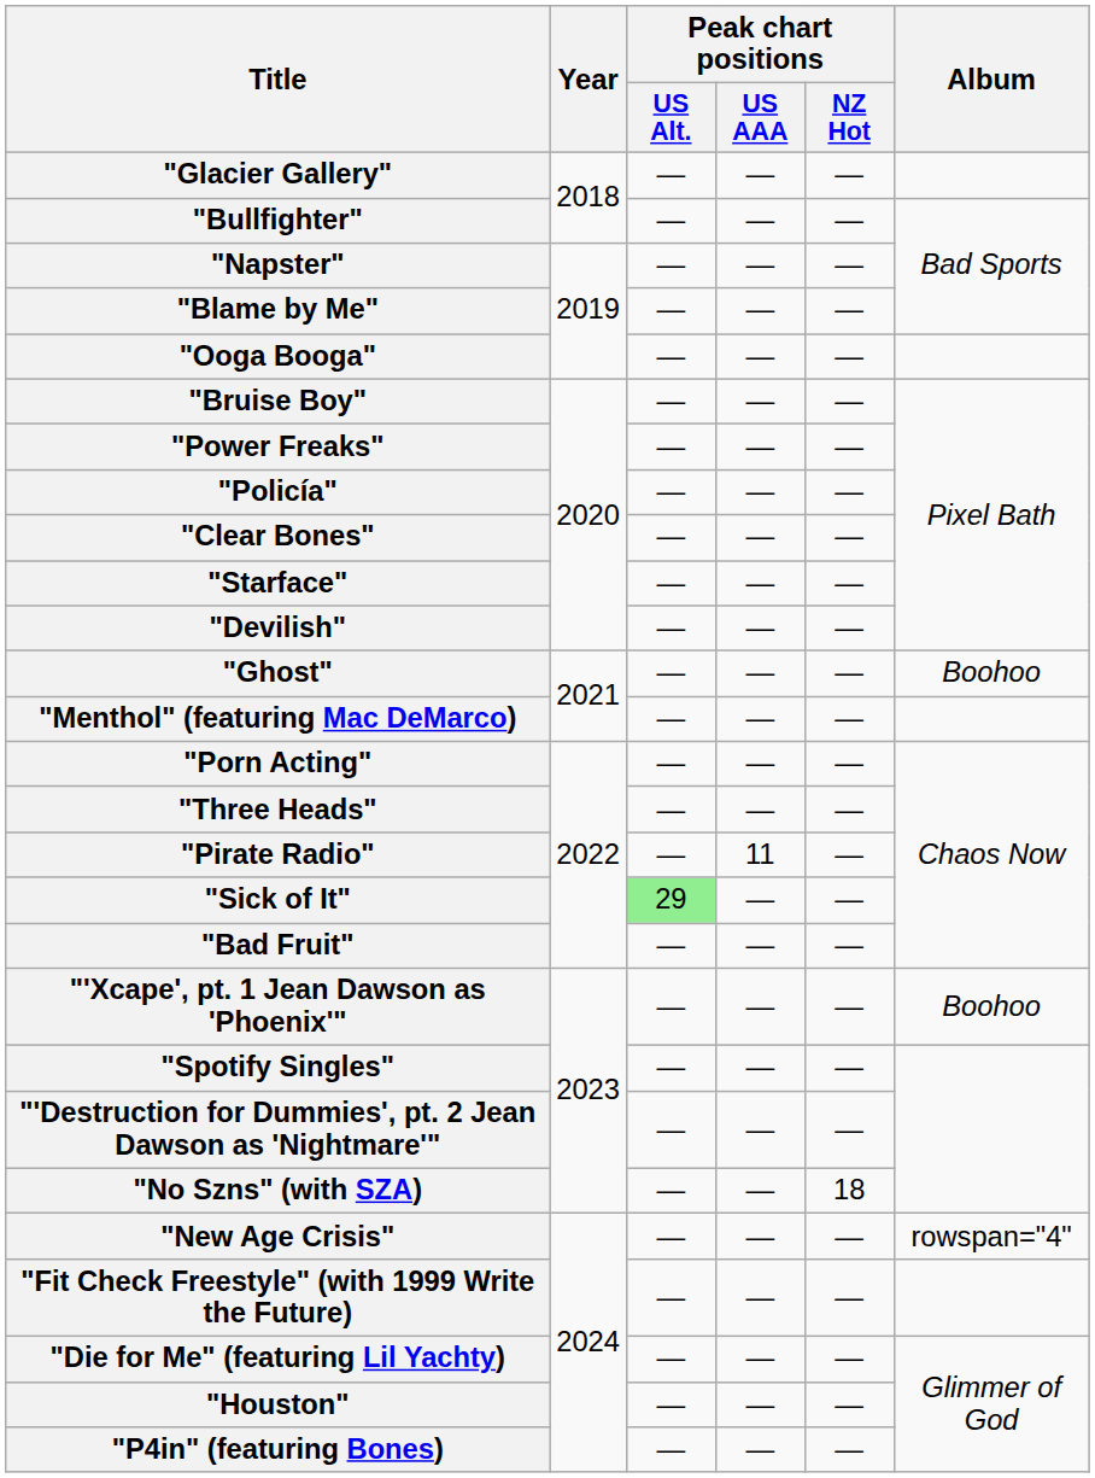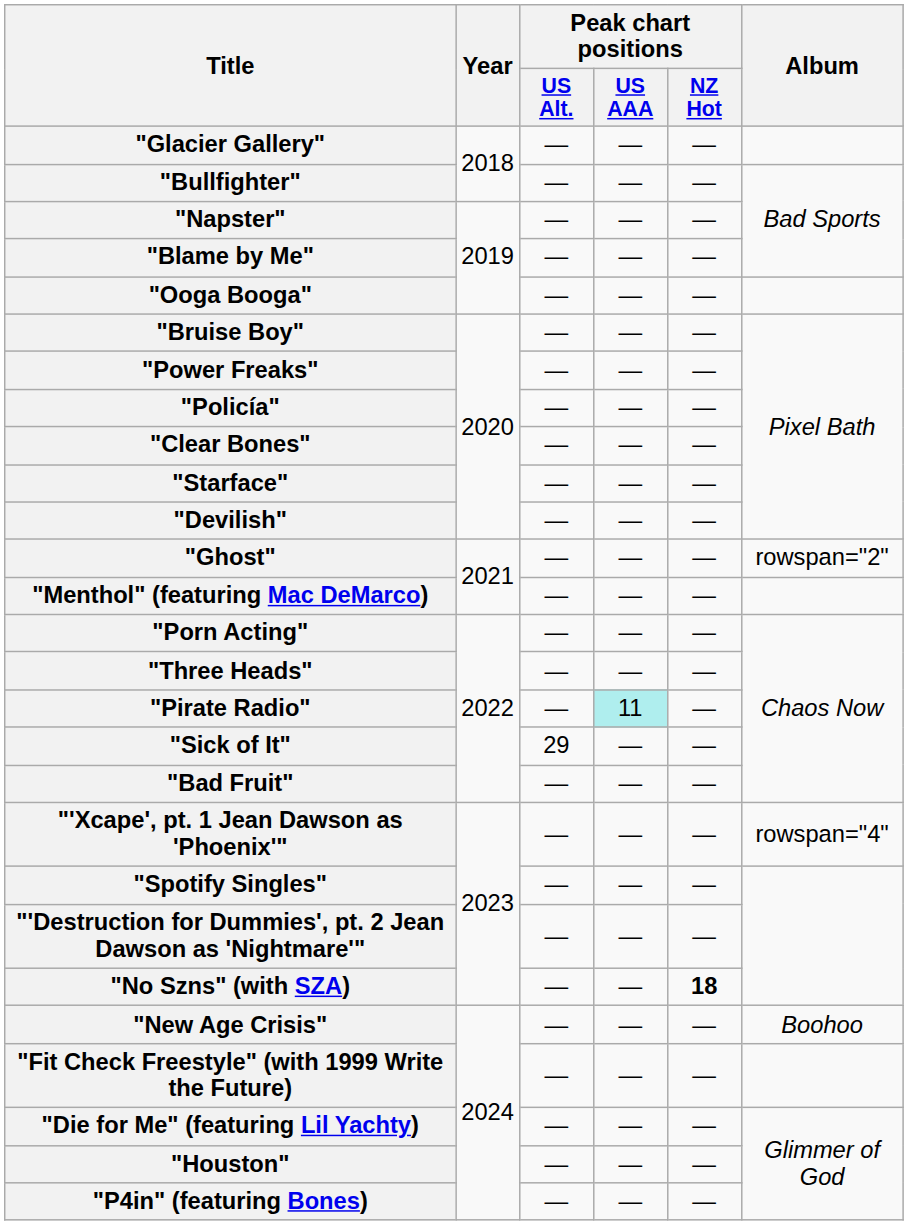 <table class="wikitable plainrowheaders" style="text-align:center">
 <tr>
 <th scope="col" rowspan="2">Title</th>
 <th scope="col" rowspan="2">Year</th>
 <th scope="col" colspan="3">Peak chart positions</th>
 <th scope="col" rowspan="2">Album</th>
 </tr>
 <tr>
 <th scope="col" style="width:3em;font-size:90%;"><a href='#'>US<br>Alt.</a><br></th>
 <th scope="col" style="width:3em;font-size:90%;"><a href='#'>US<br>AAA</a><br></th>
 <th scope="col" style="width:3em;font-size:90%;"><a href='#'>NZ<br>Hot</a><br></th>
 </tr>
 <tr>
 <th scope="row">"Glacier Gallery"</th>
 <td rowspan="2">2018</td>
 <td>—</td>
 <td>—</td>
 <td>—</td>
 <td></td>
 </tr>
 <tr>
 <th scope="row">"Bullfighter"</th>
 <td>—</td>
 <td>—</td>
 <td>—</td>
 <td rowspan="3"><em>Bad Sports</em></td>
 </tr>
 <tr>
 <th scope="row">"Napster"</th>
 <td rowspan="3">2019</td>
 <td>—</td>
 <td>—</td>
 <td>—</td>
 </tr>
 <tr>
 <th scope="row">"Blame by Me"</th>
 <td>—</td>
 <td>—</td>
 <td>—</td>
 </tr>
 <tr>
 <th scope="row">"Ooga Booga"</th>
 <td>—</td>
 <td>—</td>
 <td>—</td>
 <td></td>
 </tr>
 <tr>
 <th scope="row">"Bruise Boy"</th>
 <td rowspan="6">2020</td>
 <td>—</td>
 <td>—</td>
 <td>—</td>
 <td rowspan="6"><em>Pixel Bath</em></td>
 </tr>
 <tr>
 <th scope="row">"Power Freaks"</th>
 <td>—</td>
 <td>—</td>
 <td>—</td>
 </tr>
 <tr>
 <th scope="row">"Policía"</th>
 <td>—</td>
 <td>—</td>
 <td>—</td>
 </tr>
 <tr>
 <th scope="row">"Clear Bones"</th>
 <td>—</td>
 <td>—</td>
 <td>—</td>
 </tr>
 <tr>
 <th scope="row">"Starface"</th>
 <td>—</td>
 <td>—</td>
 <td>—</td>
 </tr>
 <tr>
 <th scope="row">"Devilish"</th>
 <td>—</td>
 <td>—</td>
 <td>—</td>
 </tr>
 <tr>
 <th scope="row">"Ghost"</th>
 <td rowspan="2">2021</td>
 <td>—</td>
 <td>—</td>
 <td>—</td>
-<td><em>Boohoo</em></td>
+<td>rowspan="2" </td>
 </tr>
 <tr>
 <th scope="row">"Menthol" (featuring <a href='#'>Mac DeMarco</a>)</th>
 <td>—</td>
 <td>—</td>
 <td>—</td>
 </tr>
 <tr>
 <th scope="row">"Porn Acting"</th>
 <td rowspan="5">2022</td>
 <td>—</td>
 <td>—</td>
 <td>—</td>
 <td rowspan="5"><em>Chaos Now</em></td>
 </tr>
 <tr>
 <th scope="row">"Three Heads"</th>
 <td>—</td>
 <td>—</td>
 <td>—</td>
 </tr>
 <tr>
 <th scope="row">"Pirate Radio"</th>
 <td>—</td>
-<td>11</td>
+<td style="background: paleturquoise;">11</td>
 <td>—</td>
 </tr>
 <tr>
 <th scope="row">"Sick of It"</th>
-<td style="background: lightgreen;">29</td>
+<td>29</td>
 <td>—</td>
 <td>—</td>
 </tr>
 <tr>
 <th scope="row">"Bad Fruit"</th>
 <td>—</td>
 <td>—</td>
 <td>—</td>
 </tr>
 <tr>
 <th scope="row">"'Xcape', pt. 1 Jean Dawson as 'Phoenix'"</th>
 <td rowspan="4">2023</td>
 <td>—</td>
 <td>—</td>
 <td>—</td>
-<td><em>Boohoo</em></td>
+<td>rowspan="4" </td>
 </tr>
 <tr>
 <th scope="row">"Spotify Singles"</th>
 <td>—</td>
 <td>—</td>
 <td>—</td>
 </tr>
 <tr>
 <th scope="row">"'Destruction for Dummies', pt. 2 Jean Dawson as 'Nightmare'"</th>
 <td>—</td>
 <td>—</td>
 <td>—</td>
 </tr>
 <tr>
 <th scope="row">"No Szns" (with <a href='#'>SZA</a>)</th>
 <td>—</td>
 <td>—</td>
-<td>18</td>
+<td><strong>18</strong></td>
 </tr>
 <tr>
 <th scope="row">"New Age Crisis"</th>
 <td rowspan="5">2024</td>
 <td>—</td>
 <td>—</td>
 <td>—</td>
-<td>rowspan="4" </td>
+<td><em>Boohoo</em></td>
 </tr>
 <tr>
 <th scope="row">"Fit Check Freestyle" (with 1999 Write the Future)</th>
 <td>—</td>
 <td>—</td>
 <td>—</td>
 <td></td>
 </tr>
 <tr>
 <th scope="row">"Die for Me" (featuring <a href='#'>Lil Yachty</a>)</th>
 <td>—</td>
 <td>—</td>
 <td>—</td>
 <td rowspan="3"><em>Glimmer of God</em></td>
 </tr>
 <tr>
 <th scope="row">"Houston"</th>
 <td>—</td>
 <td>—</td>
 <td>—</td>
 </tr>
 <tr>
 <th scope="row">"P4in" (featuring <a href='#'>Bones</a>)</th>
 <td>—</td>
 <td>—</td>
 <td>—</td>
 </tr>
 </table>
